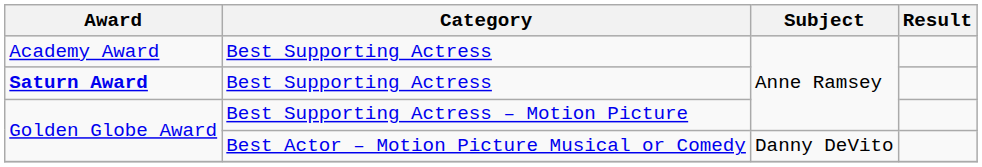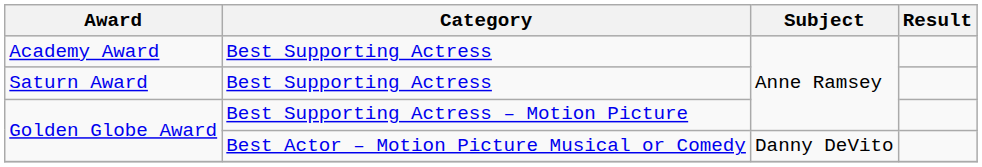 <table class="wikitable sortable">
 <tr>
 <th>Award</th>
 <th>Category</th>
 <th>Subject</th>
 <th>Result</th>
 </tr>
 <tr>
 <td><a href='#'>Academy Award</a></td>
 <td><a href='#'>Best Supporting Actress</a></td>
 <td rowspan=3>Anne Ramsey</td>
 <td></td>
 </tr>
 <tr>
-<td><strong><a href='#'>Saturn Award</a></strong></td>
+<td><a href='#'>Saturn Award</a></td>
 <td><a href='#'>Best Supporting Actress</a></td>
 <td></td>
 </tr>
 <tr>
 <td rowspan=2><a href='#'>Golden Globe Award</a></td>
 <td><a href='#'>Best Supporting Actress – Motion Picture</a></td>
 <td></td>
 </tr>
 <tr>
 <td><a href='#'>Best Actor – Motion Picture Musical or Comedy</a></td>
 <td>Danny DeVito</td>
 <td></td>
 </tr>
 <tr>
 </tr>
 </table>
